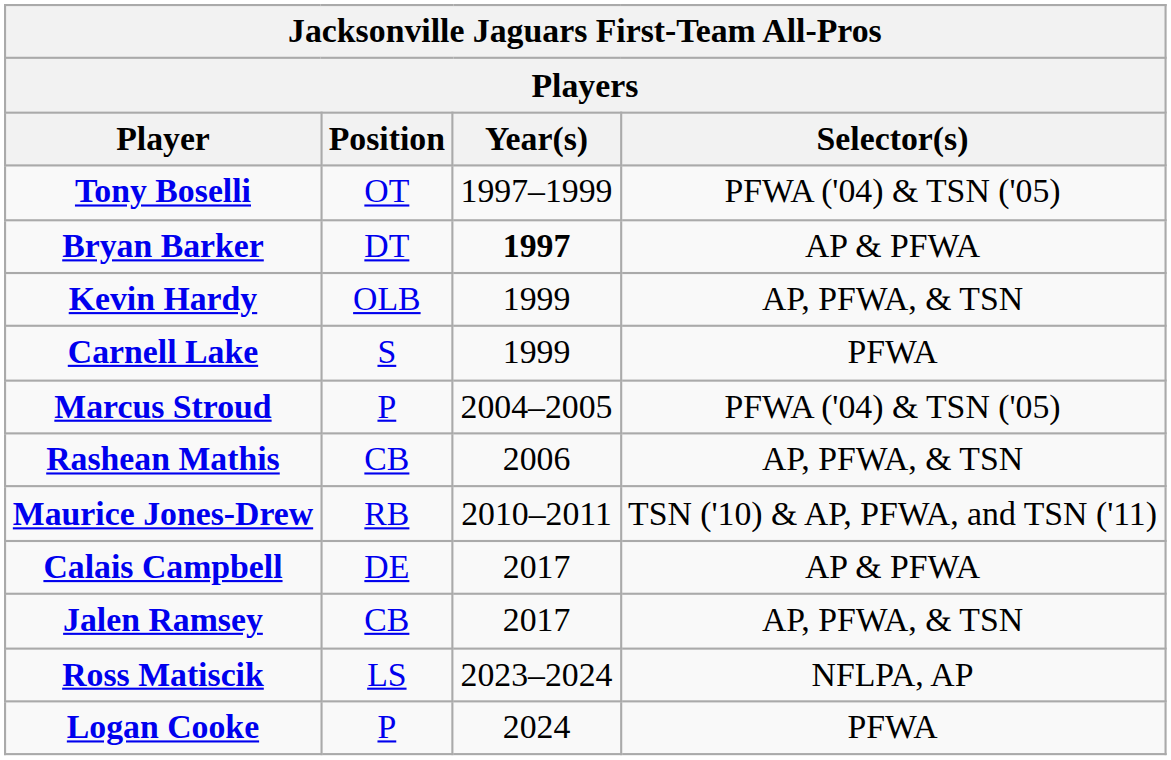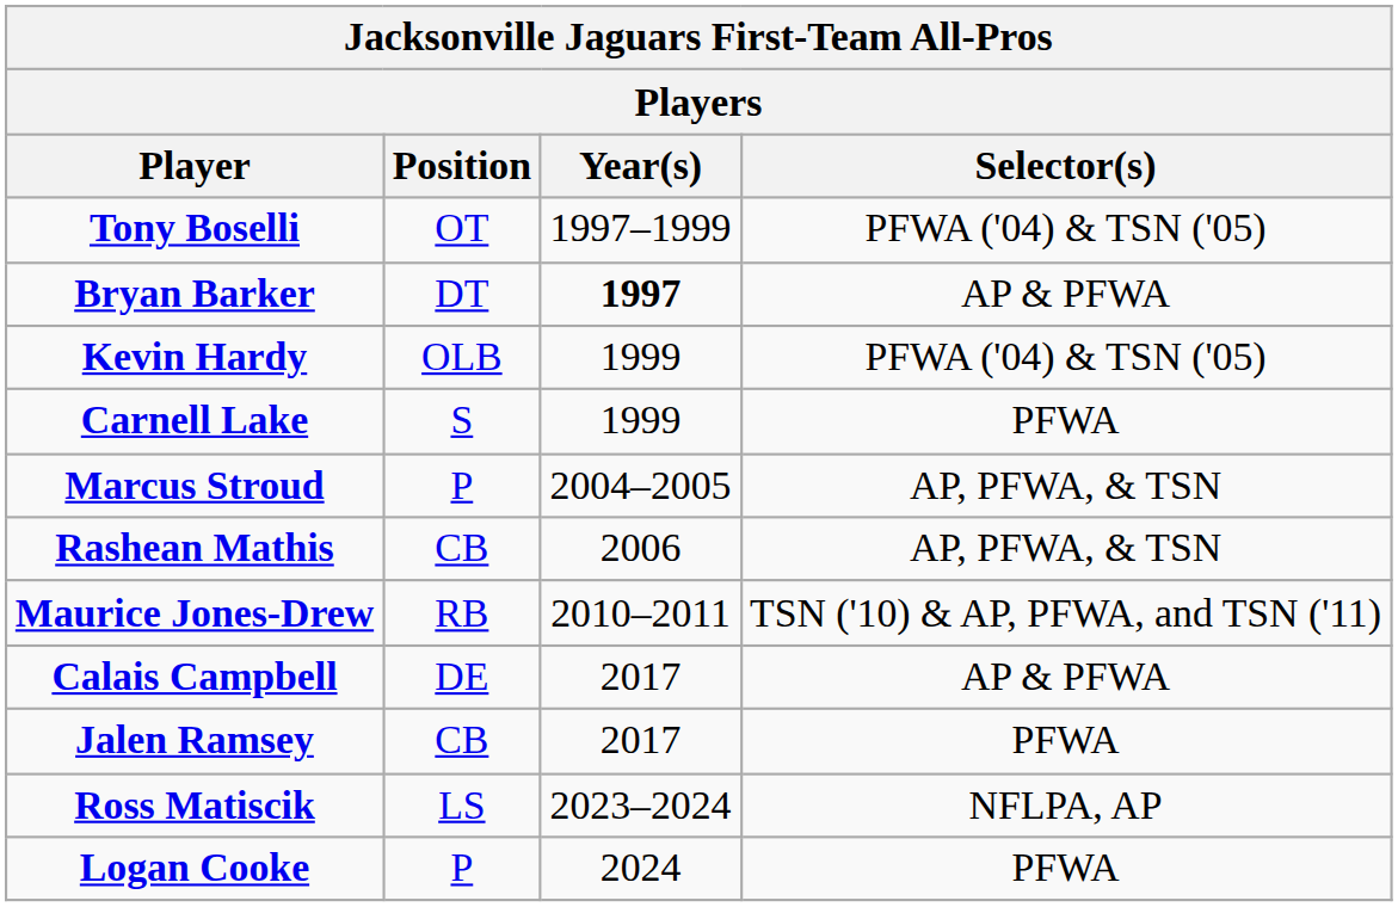 <table class="wikitable sortable" style="text-align:center;">
 <tr>
 <th colspan="4">Jacksonville Jaguars First-Team All-Pros</th>
 </tr>
 <tr>
 <th colspan="4">Players</th>
 </tr>
 <tr>
 <th>Player</th>
 <th>Position</th>
 <th>Year(s)</th>
 <th>Selector(s)</th>
 </tr>
 <tr>
 <td><strong><a href='#'>Tony Boselli</a></strong></td>
 <td><a href='#'>OT</a></td>
 <td>1997–1999</td>
 <td>PFWA ('04) & TSN ('05)</td>
 </tr>
 <tr>
 <td><strong><a href='#'>Bryan Barker</a></strong></td>
 <td><a href='#'>DT</a></td>
 <td><strong>1997</strong></td>
 <td>AP & PFWA</td>
 </tr>
 <tr>
 <td><strong><a href='#'>Kevin Hardy</a></strong></td>
 <td><a href='#'>OLB</a></td>
 <td>1999</td>
-<td>AP, PFWA, & TSN</td>
+<td>PFWA ('04) & TSN ('05)</td>
 </tr>
 <tr>
 <td><strong><a href='#'>Carnell Lake</a></strong></td>
 <td><a href='#'>S</a></td>
 <td>1999</td>
 <td>PFWA</td>
 </tr>
 <tr>
 <td><strong><a href='#'>Marcus Stroud</a></strong></td>
 <td><a href='#'>P</a></td>
 <td>2004–2005</td>
-<td>PFWA ('04) & TSN ('05)</td>
+<td>AP, PFWA, & TSN</td>
 </tr>
 <tr>
 <td><strong><a href='#'>Rashean Mathis</a></strong></td>
 <td><a href='#'>CB</a></td>
 <td>2006</td>
 <td>AP, PFWA, & TSN</td>
 </tr>
 <tr>
 <td><strong><a href='#'>Maurice Jones-Drew</a></strong></td>
 <td><a href='#'>RB</a></td>
 <td>2010–2011</td>
 <td>TSN ('10) & AP, PFWA, and TSN ('11)</td>
 </tr>
 <tr>
 <td><strong><a href='#'>Calais Campbell</a></strong></td>
 <td><a href='#'>DE</a></td>
 <td>2017</td>
 <td>AP & PFWA</td>
 </tr>
 <tr>
 <td><strong><a href='#'>Jalen Ramsey</a></strong></td>
 <td><a href='#'>CB</a></td>
 <td>2017</td>
-<td>AP, PFWA, & TSN</td>
+<td>PFWA</td>
 </tr>
 <tr>
 <td><strong><a href='#'>Ross Matiscik</a></strong></td>
 <td><a href='#'>LS</a></td>
 <td>2023–2024</td>
 <td>NFLPA, AP</td>
 </tr>
 <tr>
 <td><strong><a href='#'>Logan Cooke</a></strong></td>
 <td><a href='#'>P</a></td>
 <td>2024</td>
 <td>PFWA</td>
 </tr>
 </table>
